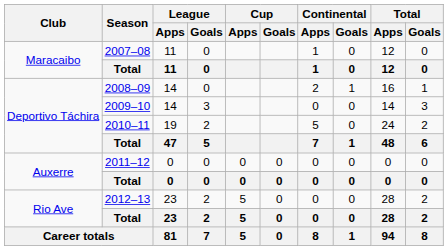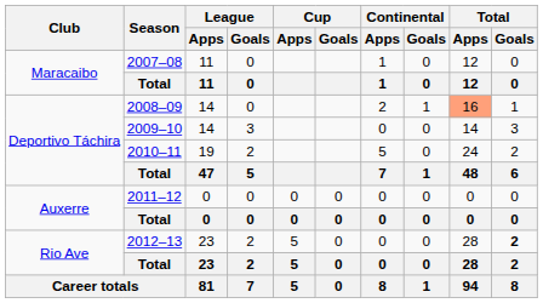 <table class="wikitable" style="font-size:95%; text-align: center;">
 <tr>
 <th rowspan="2">Club</th>
 <th rowspan="2">Season</th>
 <th colspan="2">League</th>
 <th colspan="2">Cup</th>
 <th colspan="2">Continental</th>
 <th colspan="2">Total</th>
 </tr>
 <tr>
 <th>Apps</th>
 <th>Goals</th>
 <th>Apps</th>
 <th>Goals</th>
 <th>Apps</th>
 <th>Goals</th>
 <th>Apps</th>
 <th>Goals</th>
 </tr>
 <tr>
 <td rowspan="2" valign="center"><a href='#'>Maracaibo</a></td>
 <td><a href='#'>2007–08</a></td>
 <td>11</td>
 <td>0</td>
 <td></td>
 <td></td>
 <td>1</td>
 <td>0</td>
 <td>12</td>
 <td>0</td>
 </tr>
 <tr>
 <th>Total</th>
 <th>11</th>
 <th>0</th>
 <th></th>
 <th></th>
 <th>1</th>
 <th>0</th>
 <th>12</th>
 <th>0</th>
 </tr>
 <tr>
 <td rowspan="4" valign="center"><a href='#'>Deportivo Táchira</a></td>
 <td><a href='#'>2008–09</a></td>
 <td>14</td>
 <td>0</td>
 <td></td>
 <td></td>
 <td>2</td>
 <td>1</td>
-<td>16</td>
+<td style="background: lightsalmon;">16</td>
 <td>1</td>
 </tr>
 <tr>
 <td><a href='#'>2009–10</a></td>
 <td>14</td>
 <td>3</td>
 <td></td>
 <td></td>
 <td>0</td>
 <td>0</td>
 <td>14</td>
 <td>3</td>
 </tr>
 <tr>
 <td><a href='#'>2010–11</a></td>
 <td>19</td>
 <td>2</td>
 <td></td>
 <td></td>
 <td>5</td>
 <td>0</td>
 <td>24</td>
 <td>2</td>
 </tr>
 <tr>
 <th>Total</th>
 <th>47</th>
 <th>5</th>
 <th></th>
 <th></th>
 <th>7</th>
 <th>1</th>
 <th>48</th>
 <th>6</th>
 </tr>
 <tr>
 <td rowspan="2" valign="center"><a href='#'>Auxerre</a></td>
 <td><a href='#'>2011–12</a></td>
 <td>0</td>
 <td>0</td>
 <td>0</td>
 <td>0</td>
 <td>0</td>
 <td>0</td>
 <td>0</td>
 <td>0</td>
 </tr>
 <tr>
 <th>Total</th>
 <th>0</th>
 <th>0</th>
 <th>0</th>
 <th>0</th>
 <th>0</th>
 <th>0</th>
 <th>0</th>
 <th>0</th>
 </tr>
 <tr>
 <td rowspan="2" valign="center"><a href='#'>Rio Ave</a></td>
 <td><a href='#'>2012–13</a></td>
 <td>23</td>
 <td>2</td>
 <td>5</td>
 <td>0</td>
 <td>0</td>
 <td>0</td>
 <td>28</td>
-<td>2</td>
+<td><strong>2</strong></td>
 </tr>
 <tr>
 <th>Total</th>
 <th>23</th>
 <th>2</th>
 <th>5</th>
 <th>0</th>
 <th>0</th>
 <th>0</th>
 <th>28</th>
 <th>2</th>
 </tr>
 <tr>
 <th colspan="2">Career totals</th>
 <th>81</th>
 <th>7</th>
 <th>5</th>
 <th>0</th>
 <th>8</th>
 <th>1</th>
 <th>94</th>
 <th>8</th>
 </tr>
 </table>
